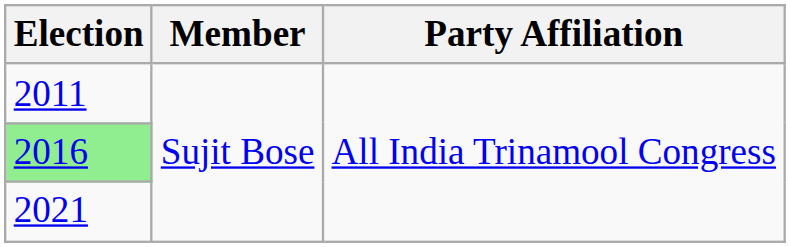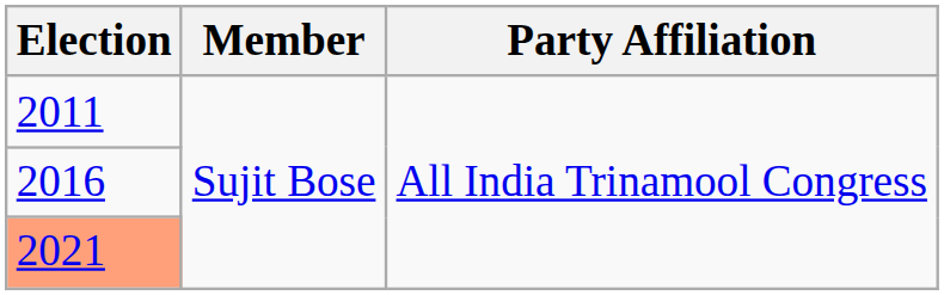 <table class="wikitable sortable"ìÍĦĤĠčw>
 <tr>
 <th>Election</th>
 <th>Member</th>
 <th>Party Affiliation</th>
 </tr>
 <tr>
 <td><a href='#'>2011</a></td>
 <td rowspan="3"><a href='#'>Sujit Bose</a></td>
 <td rowspan="3"><a href='#'>All India Trinamool Congress</a></td>
 </tr>
 <tr>
-<td style="background: lightgreen;"><a href='#'>2016</a></td>
+<td><a href='#'>2016</a></td>
 </tr>
 <tr>
-<td><a href='#'>2021</a></td>
+<td style="background: lightsalmon;"><a href='#'>2021</a></td>
 </tr>
 </table>
